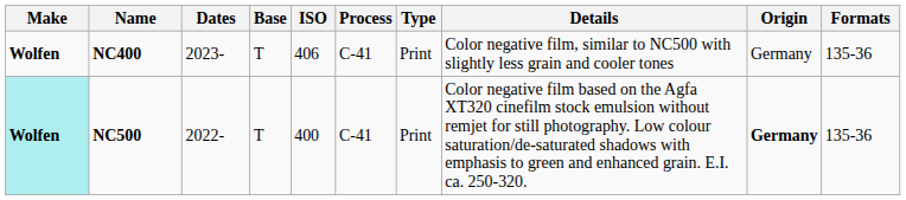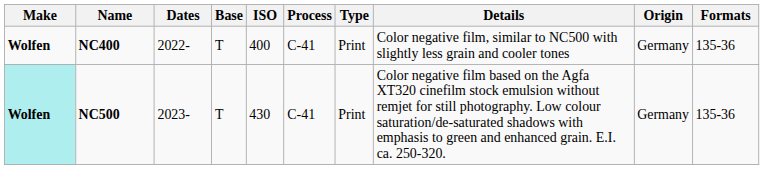 <table class="wikitable">
 <tr>
 <th scope="col" style="width: 100px;">Make</th>
 <th scope="col" style="width: 120px;">Name</th>
 <th scope="col" style="width: 80px;">Dates</th>
 <th scope="col" style="width: 30px;">Base</th>
 <th scope="col" style="width: 45px;">ISO</th>
 <th scope="col" style="width: 40px;">Process</th>
 <th scope="col" style="width: 40px;">Type</th>
 <th scope="col" style="width: 500px;">Details</th>
 <th scope="col" style="width: 60px;">Origin</th>
 <th scope="col" style="width: 80px;">Formats</th>
 </tr>
 <tr style=>
 <td><strong>Wolfen</strong></td>
 <td><strong>NC400</strong></td>
-<td>2023-</td>
+<td>2022-</td>
 <td>T</td>
-<td>406</td>
+<td>400</td>
 <td>C-41</td>
 <td>Print</td>
 <td>Color negative film, similar to NC500 with slightly less grain and cooler tones</td>
 <td>Germany</td>
 <td>135-36</td>
 </tr>
 <tr>
 <td style="background: paleturquoise;"><strong>Wolfen</strong></td>
 <td><strong>NC500</strong></td>
-<td>2022-</td>
+<td>2023-</td>
 <td>T</td>
-<td>400</td>
+<td>430</td>
 <td>C-41</td>
 <td>Print</td>
 <td>Color negative film based on the Agfa XT320 cinefilm stock emulsion without remjet for still photography. Low colour saturation/de-saturated shadows with emphasis to green and enhanced grain. E.I. ca. 250-320.</td>
-<td><strong>Germany</strong></td>
+<td>Germany</td>
 <td>135-36</td>
 </tr>
 </table>
